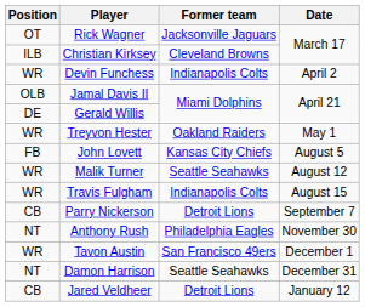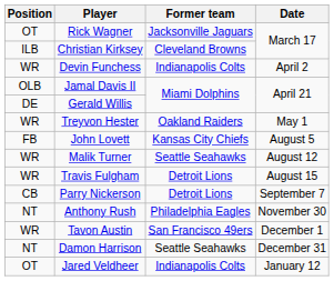 <table class="wikitable" style="text-align:center">
 <tr>
 <th>Position</th>
 <th>Player</th>
 <th>Former team</th>
 <th>Date</th>
 </tr>
 <tr>
 <td>OT</td>
 <td><a href='#'>Rick Wagner</a></td>
 <td><a href='#'>Jacksonville Jaguars</a></td>
 <td rowspan=2>March 17</td>
 </tr>
 <tr>
 <td>ILB</td>
 <td><a href='#'>Christian Kirksey</a></td>
 <td><a href='#'>Cleveland Browns</a></td>
 </tr>
 <tr>
 <td>WR</td>
 <td><a href='#'>Devin Funchess</a></td>
 <td><a href='#'>Indianapolis Colts</a></td>
 <td>April 2</td>
 </tr>
 <tr>
 <td>OLB</td>
 <td><a href='#'>Jamal Davis II</a></td>
 <td rowspan=2><a href='#'>Miami Dolphins</a></td>
 <td rowspan=2>April 21</td>
 </tr>
 <tr>
 <td>DE</td>
 <td><a href='#'>Gerald Willis</a></td>
 </tr>
 <tr>
 <td>WR</td>
 <td><a href='#'>Treyvon Hester</a></td>
 <td><a href='#'>Oakland Raiders</a></td>
 <td>May 1</td>
 </tr>
 <tr>
 <td>FB</td>
 <td><a href='#'>John Lovett</a></td>
 <td><a href='#'>Kansas City Chiefs</a></td>
 <td>August 5</td>
 </tr>
 <tr>
 <td>WR</td>
 <td><a href='#'>Malik Turner</a></td>
 <td><a href='#'>Seattle Seahawks</a></td>
 <td>August 12</td>
 </tr>
 <tr>
 <td>WR</td>
 <td><a href='#'>Travis Fulgham</a></td>
-<td><a href='#'>Indianapolis Colts</a></td>
+<td><a href='#'>Detroit Lions</a></td>
 <td>August 15</td>
 </tr>
 <tr>
 <td>CB</td>
 <td><a href='#'>Parry Nickerson</a></td>
 <td><a href='#'>Detroit Lions</a></td>
 <td>September 7</td>
 </tr>
 <tr>
 <td>NT</td>
 <td><a href='#'>Anthony Rush</a></td>
 <td><a href='#'>Philadelphia Eagles</a></td>
 <td>November 30</td>
 </tr>
 <tr>
 <td>WR</td>
 <td><a href='#'>Tavon Austin</a></td>
 <td><a href='#'>San Francisco 49ers</a></td>
 <td>December 1</td>
 </tr>
 <tr>
 <td>NT</td>
 <td><a href='#'>Damon Harrison</a></td>
 <td>Seattle Seahawks</td>
 <td>December 31</td>
 </tr>
 <tr>
-<td>CB</td>
+<td>OT</td>
 <td><a href='#'>Jared Veldheer</a></td>
-<td><a href='#'>Detroit Lions</a></td>
+<td><a href='#'>Indianapolis Colts</a></td>
 <td>January 12</td>
 </tr>
 </table>
